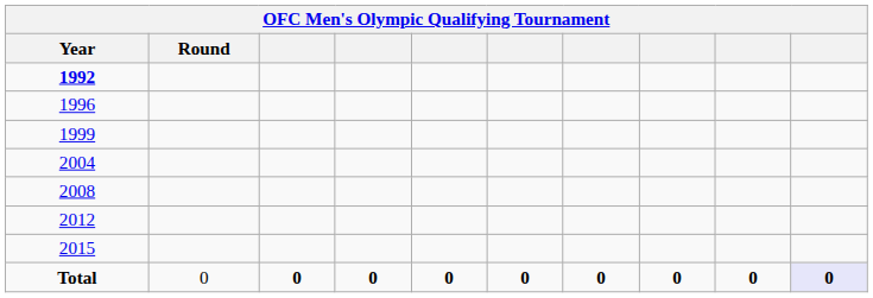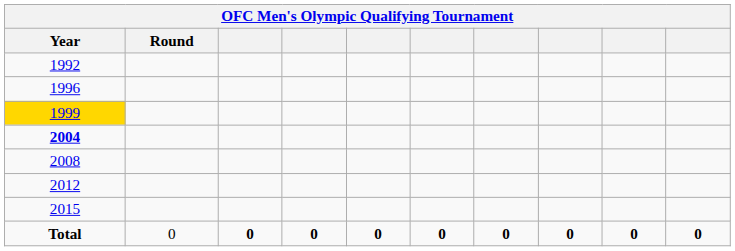 <table class="wikitable" style="text-align: center;">
 <tr>
 <th colspan=10><a href='#'>OFC Men's Olympic Qualifying Tournament</a></th>
 </tr>
 <tr>
 <th width=120>Year</th>
 <th width=90>Round</th>
 <th width=60></th>
 <th width=60></th>
 <th width=60></th>
 <th width=60></th>
 <th width=60></th>
 <th width=60></th>
 <th width=60></th>
 <th width=60></th>
 </tr>
 <tr>
-<td><strong> <a href='#'>1992</a></strong></td>
+<td> <a href='#'>1992</a></td>
 <td></td>
 <td></td>
 <td></td>
 <td></td>
 <td></td>
 <td></td>
 <td></td>
 <td></td>
 <td></td>
 </tr>
 <tr>
 <td> <a href='#'>1996</a></td>
 <td></td>
 <td></td>
 <td></td>
 <td></td>
 <td></td>
 <td></td>
 <td></td>
 <td></td>
 <td></td>
 </tr>
 <tr>
-<td> <a href='#'>1999</a></td>
+<td style="background: gold;"> <a href='#'>1999</a></td>
 <td></td>
 <td></td>
 <td></td>
 <td></td>
 <td></td>
 <td></td>
 <td></td>
 <td></td>
 <td></td>
 </tr>
 <tr>
-<td> <a href='#'>2004</a></td>
+<td><strong> <a href='#'>2004</a></strong></td>
 <td></td>
 <td></td>
 <td></td>
 <td></td>
 <td></td>
 <td></td>
 <td></td>
 <td></td>
 <td></td>
 </tr>
 <tr>
 <td> <a href='#'>2008</a></td>
 <td></td>
 <td></td>
 <td></td>
 <td></td>
 <td></td>
 <td></td>
 <td></td>
 <td></td>
 <td></td>
 </tr>
 <tr>
 <td> <a href='#'>2012</a></td>
 <td></td>
 <td></td>
 <td></td>
 <td></td>
 <td></td>
 <td></td>
 <td></td>
 <td></td>
 <td></td>
 </tr>
 <tr>
 <td> <a href='#'>2015</a></td>
 <td></td>
 <td></td>
 <td></td>
 <td></td>
 <td></td>
 <td></td>
 <td></td>
 <td></td>
 <td></td>
 </tr>
 <tr>
 <td><strong>Total</strong></td>
 <td>0</td>
 <td><strong>0</strong></td>
 <td><strong>0</strong></td>
 <td><strong>0</strong></td>
 <td><strong>0</strong></td>
 <td><strong>0</strong></td>
 <td><strong>0</strong></td>
 <td><strong>0</strong></td>
-<td style="background: lavender;"><strong>0</strong></td>
+<td><strong>0</strong></td>
 </tr>
 </table>
